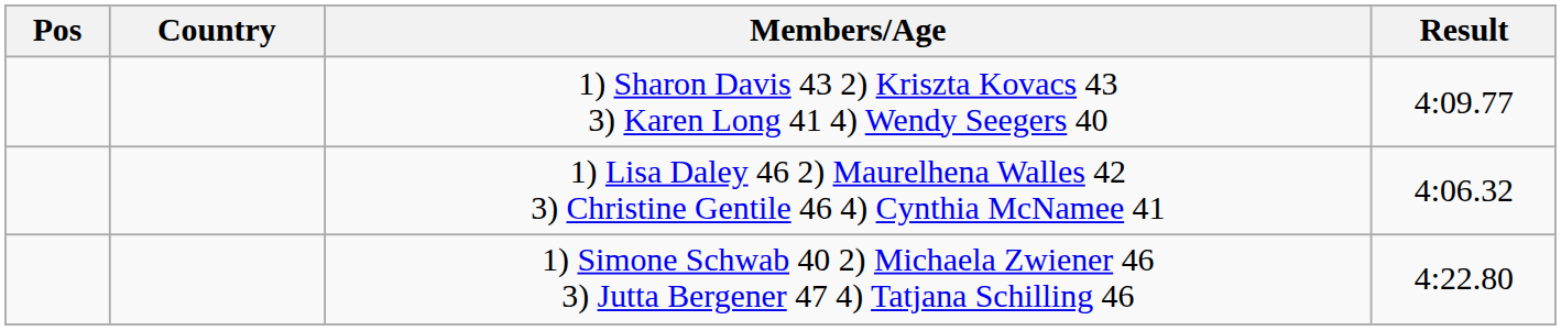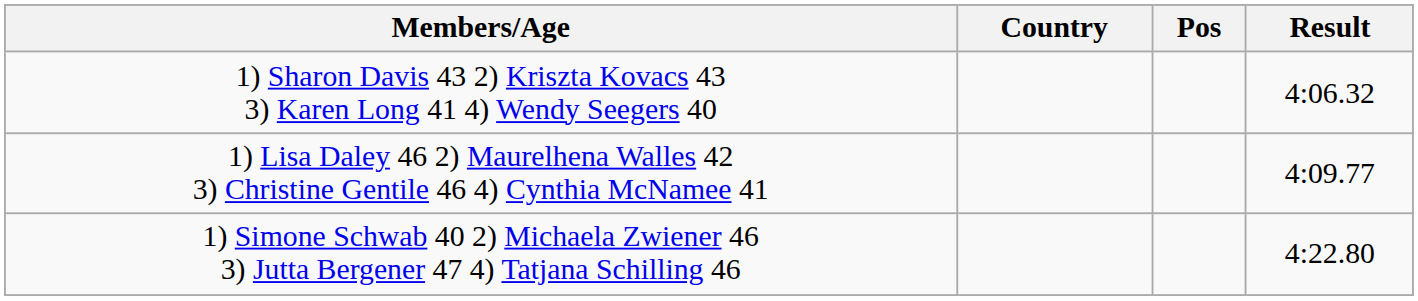 <table class="wikitable"  style="text-align:center; width:60%;">
 <tr>
+<th>Members/Age</th>
+<th>Country</th>
 <th>Pos</th>
-<th>Country</th>
-<th>Members/Age</th>
 <th>Result</th>
 </tr>
 <tr>
+<td>1) <a href='#'>Sharon Davis</a> 43 2) <a href='#'>Kriszta Kovacs</a> 43<br>3) <a href='#'>Karen Long</a> 41 4) <a href='#'>Wendy Seegers</a> 40</td>
+<td align=left></td>
 <td align=center></td>
+<td>4:06.32</td>
+</tr>
+<tr>
+<td>1) <a href='#'>Lisa Daley</a> 46 2) <a href='#'>Maurelhena Walles</a> 42<br>3) <a href='#'>Christine Gentile</a> 46 4) <a href='#'>Cynthia McNamee</a> 41</td>
 <td align=left></td>
-<td>1) <a href='#'>Sharon Davis</a> 43 2) <a href='#'>Kriszta Kovacs</a> 43<br>3) <a href='#'>Karen Long</a> 41 4) <a href='#'>Wendy Seegers</a> 40</td>
+<td align=center></td>
 <td>4:09.77</td>
 </tr>
 <tr>
+<td>1) <a href='#'>Simone Schwab</a> 40 2) <a href='#'>Michaela Zwiener</a> 46<br>3) <a href='#'>Jutta Bergener</a> 47 4) <a href='#'>Tatjana Schilling</a> 46</td>
+<td align=left></td>
 <td align=center></td>
-<td align=left></td>
-<td>1) <a href='#'>Lisa Daley</a> 46 2) <a href='#'>Maurelhena Walles</a> 42<br>3) <a href='#'>Christine Gentile</a> 46 4) <a href='#'>Cynthia McNamee</a> 41</td>
-<td>4:06.32</td>
-</tr>
-<tr>
-<td align=center></td>
-<td align=left></td>
-<td>1) <a href='#'>Simone Schwab</a> 40 2) <a href='#'>Michaela Zwiener</a> 46<br>3) <a href='#'>Jutta Bergener</a> 47 4) <a href='#'>Tatjana Schilling</a> 46</td>
 <td>4:22.80</td>
 </tr>
 </table>
